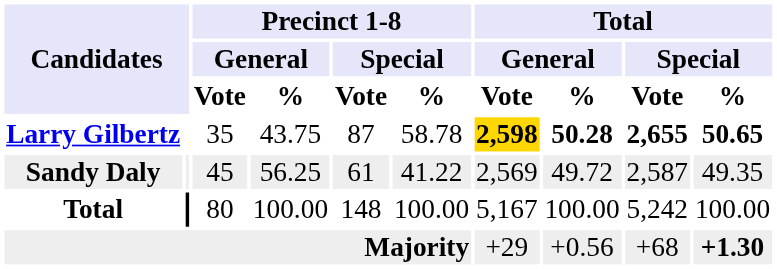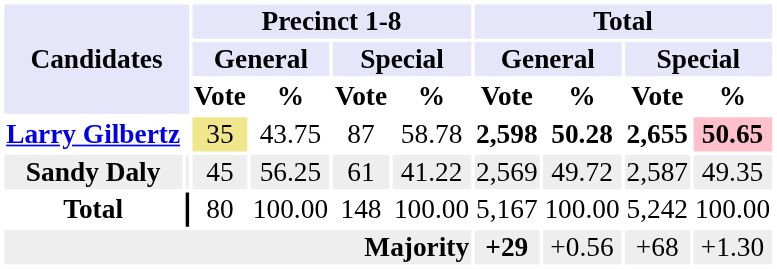 <table class="toccolours sortable" style="text-align:center;">
 <tr style="background:lavender">
 <th rowspan="3" colspan="2">Candidates</th>
 <th colspan=4>Precinct 1-8</th>
 <th colspan=4>Total</th>
 </tr>
 <tr style="background:lavender">
 <th colspan=2>General</th>
 <th colspan=2>Special</th>
 <th colspan=2>General</th>
 <th colspan=2>Special</th>
 </tr>
 <tr>
 <th align="center">Vote</th>
 <th align="center">%</th>
 <th align="center">Vote</th>
 <th align="center">%</th>
 <th align="center">Vote</th>
 <th align="center">%</th>
 <th align="center">Vote</th>
 <th align="center">%</th>
 </tr>
 <tr>
 <th><a href='#'>Larry Gilbertz</a></th>
 <td style="background-color:"></td>
-<td>35</td>
+<td style="background: khaki;">35</td>
 <td>43.75</td>
 <td>87</td>
 <td>58.78</td>
-<td style="background: gold;"><strong>2,598</strong></td>
+<td><strong>2,598</strong></td>
 <td><strong>50.28</strong></td>
 <td><strong>2,655</strong></td>
-<td><strong>50.65</strong></td>
+<td style="background: pink;"><strong>50.65</strong></td>
 </tr>
 <tr style="background:#EEEEEE;">
 <th>Sandy Daly</th>
 <td style="background-color:"></td>
 <td>45</td>
 <td>56.25</td>
 <td>61</td>
 <td>41.22</td>
 <td>2,569</td>
 <td>49.72</td>
 <td>2,587</td>
 <td>49.35</td>
 </tr>
 <tr>
 <th>Total</th>
 <td style="background-color:#000000"></td>
 <td>80</td>
 <td>100.00</td>
 <td>148</td>
 <td>100.00</td>
 <td>5,167</td>
 <td>100.00</td>
 <td>5,242</td>
 <td>100.00</td>
 </tr>
 <tr style="background:#EEEEEE;">
 <th colspan=6 style="text-align:right;">Majority</th>
-<td>+29</td>
+<td><strong>+29</strong></td>
 <td>+0.56</td>
 <td>+68</td>
-<td><strong>+1.30</strong></td>
+<td>+1.30</td>
 </tr>
 </table>
